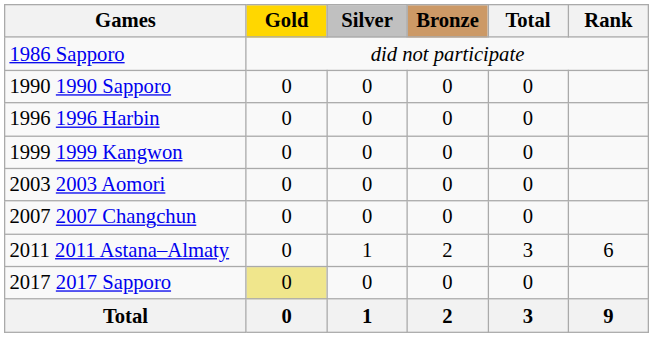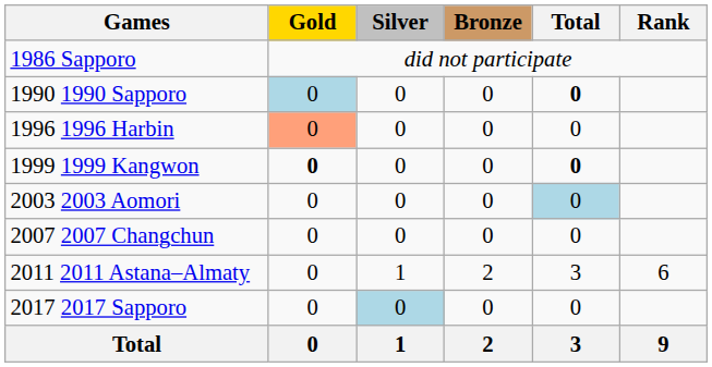 <table class="wikitable sortable" style="text-align:center;">
 <tr>
 <th width=180>Games</th>
 <th scope="col" style="background:gold; width:55px;">Gold</th>
 <th scope="col" style="background:silver; width:55px;">Silver</th>
 <th scope="col" style="background:#cc9966; width:55px;">Bronze</th>
 <th width=55>Total</th>
 <th width=55>Rank</th>
 </tr>
 <tr class="sortbottom">
 <td align=left> <a href='#'>1986 Sapporo</a></td>
 <td colspan=5><em>did not participate</em></td>
 </tr>
 <tr>
 <td align=left><span>1990</span> <a href='#'>1990 Sapporo</a></td>
+<td style="background: lightblue;">0</td>
 <td>0</td>
 <td>0</td>
-<td>0</td>
-<td>0</td>
+<td><strong>0</strong></td>
 <td></td>
 </tr>
 <tr>
 <td align=left><span>1996</span> <a href='#'>1996 Harbin</a></td>
-<td>0</td>
+<td style="background: lightsalmon;">0</td>
 <td>0</td>
 <td>0</td>
 <td>0</td>
 <td></td>
 </tr>
 <tr>
 <td align=left><span>1999</span> <a href='#'>1999 Kangwon</a></td>
+<td><strong>0</strong></td>
 <td>0</td>
 <td>0</td>
-<td>0</td>
-<td>0</td>
+<td><strong>0</strong></td>
 <td></td>
 </tr>
 <tr>
 <td align=left><span>2003</span> <a href='#'>2003 Aomori</a></td>
 <td>0</td>
 <td>0</td>
 <td>0</td>
-<td>0</td>
+<td style="background: lightblue;">0</td>
 <td></td>
 </tr>
 <tr>
 <td align=left><span>2007</span> <a href='#'>2007 Changchun</a></td>
 <td>0</td>
 <td>0</td>
 <td>0</td>
 <td>0</td>
 <td></td>
 </tr>
 <tr>
 <td align=left><span>2011</span> <a href='#'>2011 Astana–Almaty</a></td>
 <td>0</td>
 <td>1</td>
 <td>2</td>
 <td>3</td>
 <td>6</td>
 </tr>
 <tr>
 <td align=left><span>2017</span> <a href='#'>2017 Sapporo</a></td>
-<td style="background: khaki;">0</td>
 <td>0</td>
+<td style="background: lightblue;">0</td>
 <td>0</td>
 <td>0</td>
 <td></td>
 </tr>
 <tr class="sortbottom">
 <th>Total</th>
 <th>0</th>
 <th>1</th>
 <th>2</th>
 <th>3</th>
 <th>9</th>
 </tr>
 </table>
